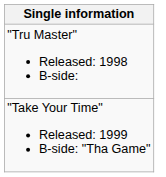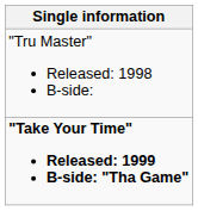 <table class="wikitable">
 <tr>
 <th>Single information</th>
 </tr>
 <tr>
 <td>"Tru Master"<br><ul><li>Released: 1998</li><li>B-side:</li></ul></td>
 </tr>
 <tr>
-<td>"Take Your Time"<br><ul><li>Released: 1999</li><li>B-side: "Tha Game"</li></ul></td>
+<td><strong>"Take Your Time"<br><ul><li>Released: 1999</li><li>B-side: "Tha Game"</li></ul></strong></td>
 </tr>
 </table>
